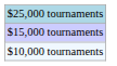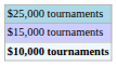 <table class="wikitable" style="font-size:85%">
 <tr style="background:lightblue;">
 <td>$25,000 tournaments</td>
 </tr>
 <tr style="background:#ccccff;">
 <td>$15,000 tournaments</td>
 </tr>
 <tr style="background:#f0f8ff;">
-<td>$10,000 tournaments</td>
+<td><strong>$10,000 tournaments</strong></td>
 </tr>
 </table>
